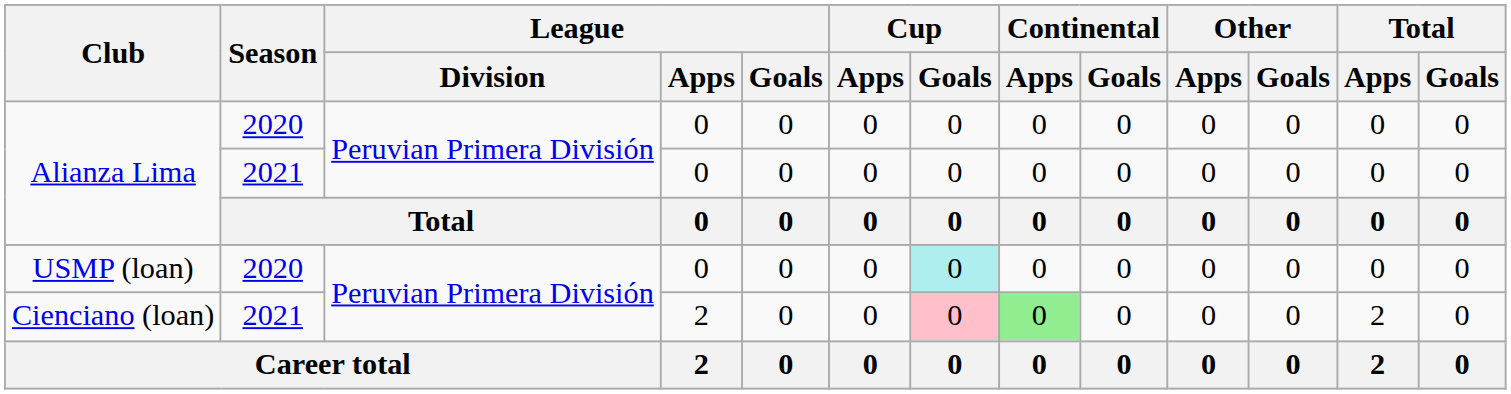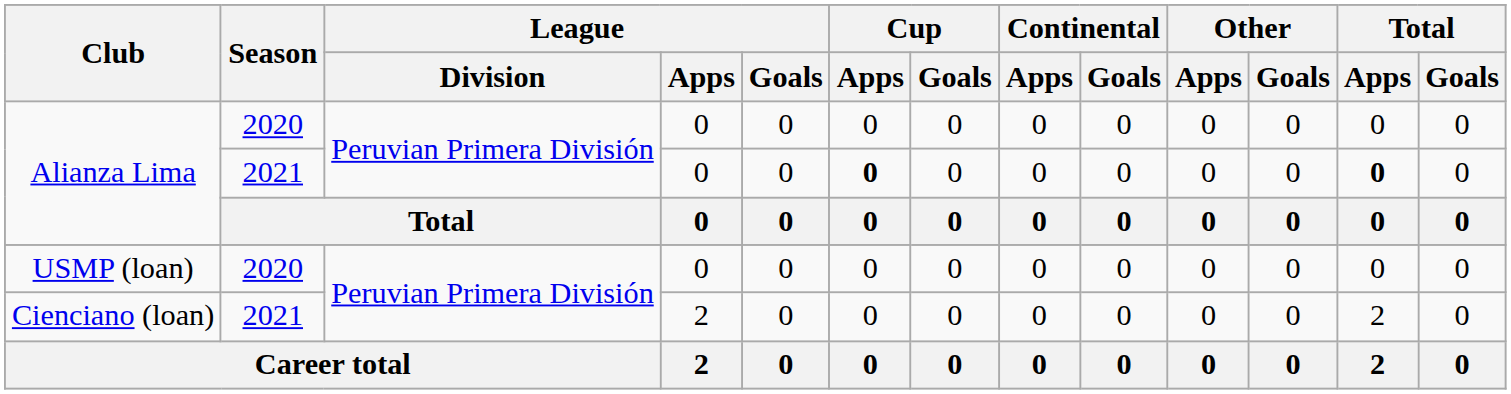 <table class="wikitable" style="text-align: center">
 <tr>
 <th rowspan="2">Club</th>
 <th rowspan="2">Season</th>
 <th colspan="3">League</th>
 <th colspan="2">Cup</th>
 <th colspan="2">Continental</th>
 <th colspan="2">Other</th>
 <th colspan="2">Total</th>
 </tr>
 <tr>
 <th>Division</th>
 <th>Apps</th>
 <th>Goals</th>
 <th>Apps</th>
 <th>Goals</th>
 <th>Apps</th>
 <th>Goals</th>
 <th>Apps</th>
 <th>Goals</th>
 <th>Apps</th>
 <th>Goals</th>
 </tr>
 <tr>
 <td rowspan="3"><a href='#'>Alianza Lima</a></td>
 <td><a href='#'>2020</a></td>
 <td rowspan="2"><a href='#'>Peruvian Primera División</a></td>
 <td>0</td>
 <td>0</td>
 <td>0</td>
 <td>0</td>
 <td>0</td>
 <td>0</td>
 <td>0</td>
 <td>0</td>
 <td>0</td>
 <td>0</td>
 </tr>
 <tr>
 <td><a href='#'>2021</a></td>
 <td>0</td>
 <td>0</td>
+<td><strong>0</strong></td>
 <td>0</td>
 <td>0</td>
 <td>0</td>
 <td>0</td>
 <td>0</td>
-<td>0</td>
-<td>0</td>
+<td><strong>0</strong></td>
 <td>0</td>
 </tr>
 <tr>
 <th colspan="2"><strong>Total</strong></th>
 <th>0</th>
 <th>0</th>
 <th>0</th>
 <th>0</th>
 <th>0</th>
 <th>0</th>
 <th>0</th>
 <th>0</th>
 <th>0</th>
 <th>0</th>
 </tr>
 <tr>
 <td><a href='#'>USMP</a> (loan)</td>
 <td><a href='#'>2020</a></td>
 <td rowspan="2"><a href='#'>Peruvian Primera División</a></td>
 <td>0</td>
 <td>0</td>
 <td>0</td>
-<td style="background: paleturquoise;">0</td>
+<td>0</td>
 <td>0</td>
 <td>0</td>
 <td>0</td>
 <td>0</td>
 <td>0</td>
 <td>0</td>
 </tr>
 <tr>
 <td><a href='#'>Cienciano</a> (loan)</td>
 <td><a href='#'>2021</a></td>
 <td>2</td>
 <td>0</td>
 <td>0</td>
-<td style="background: pink;">0</td>
-<td style="background: lightgreen;">0</td>
+<td>0</td>
+<td>0</td>
 <td>0</td>
 <td>0</td>
 <td>0</td>
 <td>2</td>
 <td>0</td>
 </tr>
 <tr>
 <th colspan="3"><strong>Career total</strong></th>
 <th>2</th>
 <th>0</th>
 <th>0</th>
 <th>0</th>
 <th>0</th>
 <th>0</th>
 <th>0</th>
 <th>0</th>
 <th>2</th>
 <th>0</th>
 </tr>
 </table>
